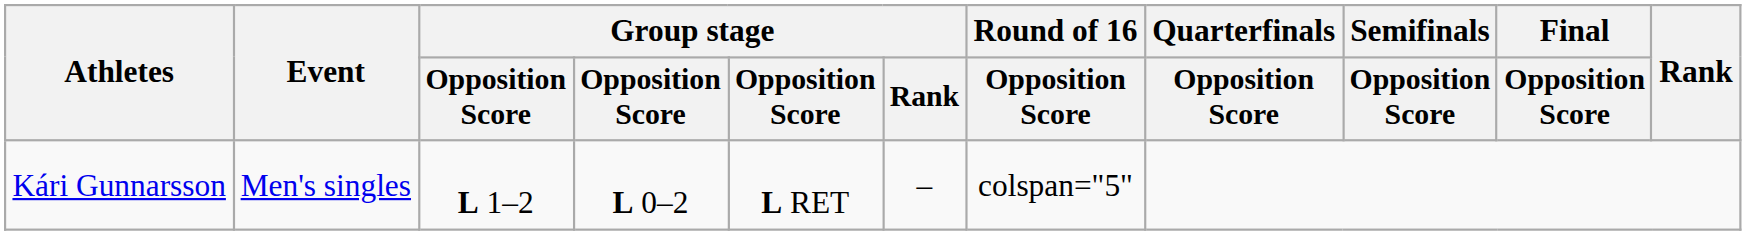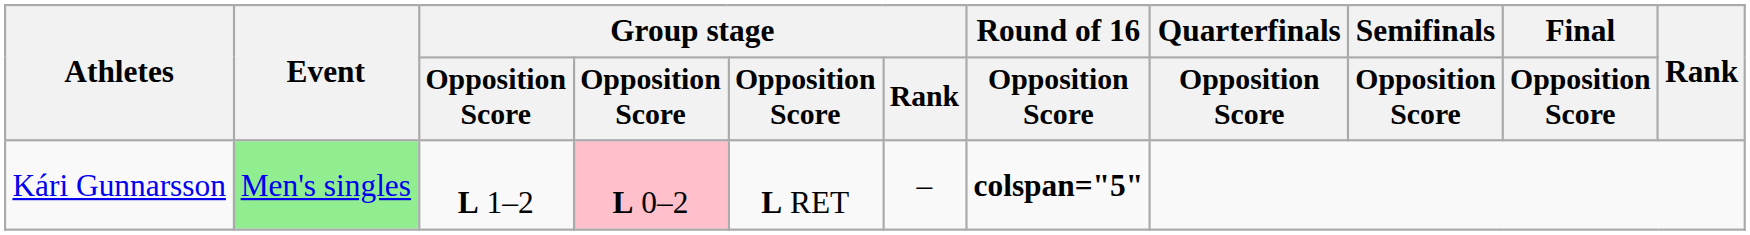 <table class="wikitable" style="font-size:90%">
 <tr>
 <th rowspan="2">Athletes</th>
 <th rowspan="2">Event</th>
 <th colspan="4">Group stage</th>
 <th>Round of 16</th>
 <th>Quarterfinals</th>
 <th>Semifinals</th>
 <th>Final</th>
 <th rowspan="2">Rank</th>
 </tr>
 <tr style="font-size:95%">
 <th>Opposition<br>Score</th>
 <th>Opposition<br>Score</th>
 <th>Opposition<br>Score</th>
 <th>Rank</th>
 <th>Opposition<br>Score</th>
 <th>Opposition<br>Score</th>
 <th>Opposition<br>Score</th>
 <th>Opposition<br>Score</th>
 </tr>
 <tr align="center">
 <td align="left"><a href='#'>Kári Gunnarsson</a></td>
-<td align="left"><a href='#'>Men's singles</a></td>
+<td align="left" style="background: lightgreen;"><a href='#'>Men's singles</a></td>
 <td><br> <strong>L</strong> 1–2</td>
-<td><br> <strong>L</strong> 0–2</td>
+<td style="background: pink;"><br> <strong>L</strong> 0–2</td>
 <td><br> <strong>L</strong> RET</td>
 <td>–</td>
-<td>colspan="5" </td>
+<td><strong>colspan="5" </strong></td>
 </tr>
 </table>
